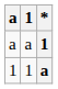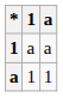 <table class="wikitable">
 <tr>
+<th>*</th>
+<th>1</th>
 <th>a</th>
-<th>1</th>
-<th>*</th>
 </tr>
 <tr>
+<th>1</th>
 <td>a</td>
 <td>a</td>
-<th>1</th>
 </tr>
 <tr>
+<th>a</th>
 <td>1</td>
 <td>1</td>
-<th>a</th>
 </tr>
 </table>
